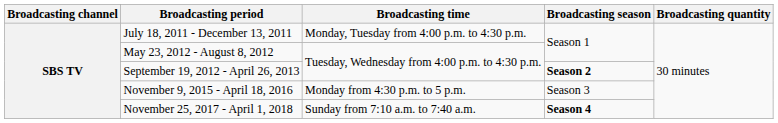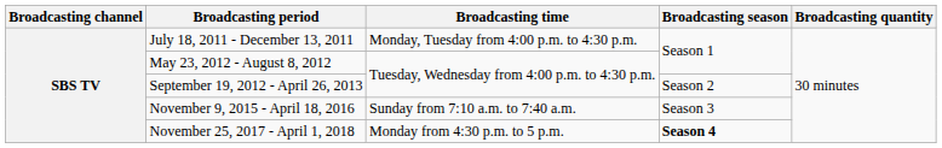 <table class="wikitable">
 <tr>
 <th>Broadcasting channel</th>
 <th>Broadcasting period</th>
 <th>Broadcasting time</th>
 <th>Broadcasting season</th>
 <th>Broadcasting quantity</th>
 </tr>
 <tr>
 <th rowspan="5"><strong>SBS TV</strong></th>
 <td>July 18, 2011 - December 13, 2011</td>
 <td>Monday, Tuesday from 4:00 p.m. to 4:30 p.m.</td>
 <td rowspan="2">Season 1</td>
 <td rowspan="5">30 minutes</td>
 </tr>
 <tr>
 <td>May 23, 2012 - August 8, 2012</td>
 <td rowspan="2">Tuesday, Wednesday from 4:00 p.m. to 4:30 p.m.</td>
 </tr>
 <tr>
 <td>September 19, 2012 - April 26, 2013</td>
-<td><strong>Season 2</strong></td>
+<td>Season 2</td>
 </tr>
 <tr>
 <td>November 9, 2015 - April 18, 2016</td>
-<td>Monday from 4:30 p.m. to 5 p.m.</td>
+<td>Sunday from 7:10 a.m. to 7:40 a.m.</td>
 <td>Season 3</td>
 </tr>
 <tr>
 <td>November 25, 2017 - April 1, 2018</td>
-<td>Sunday from 7:10 a.m. to 7:40 a.m.</td>
+<td>Monday from 4:30 p.m. to 5 p.m.</td>
 <td><strong>Season 4</strong></td>
 </tr>
 </table>
